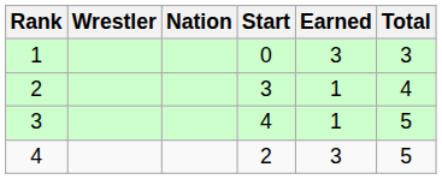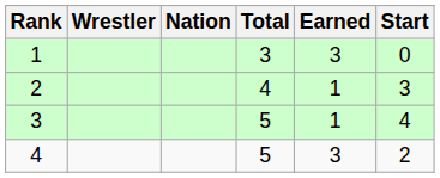 <table class="wikitable sortable" style="text-align:center;">
 <tr>
 <th>Rank</th>
 <th>Wrestler</th>
 <th>Nation</th>
+<th>Total</th>
+<th>Earned</th>
 <th>Start</th>
-<th>Earned</th>
-<th>Total</th>
 </tr>
 <tr style="background:#cfc;">
 <td>1</td>
 <td align=left></td>
 <td align=left></td>
-<td>0</td>
 <td>3</td>
 <td>3</td>
+<td>0</td>
 </tr>
 <tr style="background:#cfc;">
 <td>2</td>
 <td align=left></td>
 <td align=left></td>
+<td>4</td>
+<td>1</td>
 <td>3</td>
-<td>1</td>
-<td>4</td>
 </tr>
 <tr style="background:#cfc;">
 <td>3</td>
 <td align=left></td>
 <td align=left></td>
+<td>5</td>
+<td>1</td>
 <td>4</td>
-<td>1</td>
-<td>5</td>
 </tr>
 <tr>
 <td>4</td>
 <td align=left></td>
 <td align=left></td>
+<td>5</td>
+<td>3</td>
 <td>2</td>
-<td>3</td>
-<td>5</td>
 </tr>
 </table>
